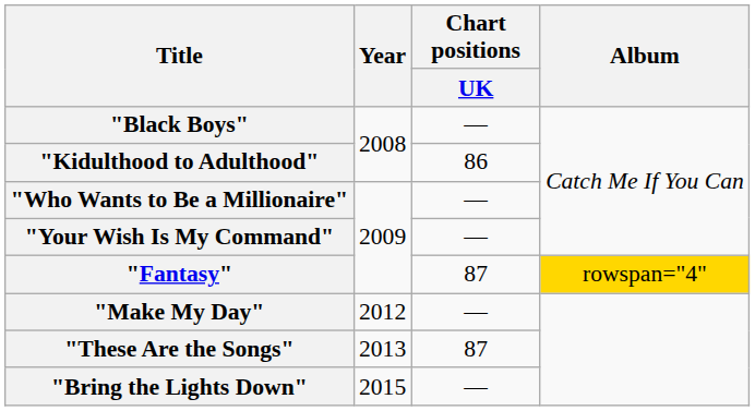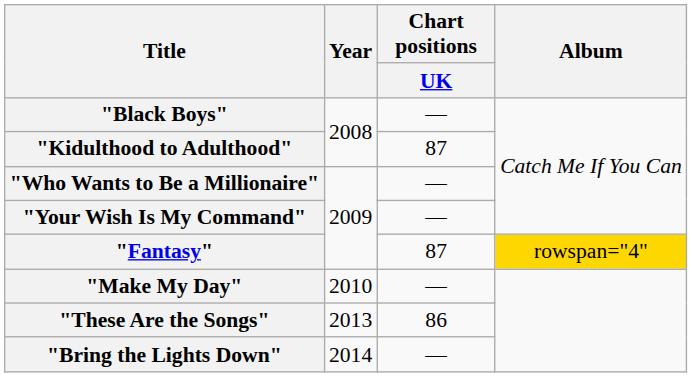 <table class="wikitable plainrowheaders" style="text-align:center">
 <tr>
 <th scope="col" rowspan="2">Title</th>
 <th scope="col" rowspan="2">Year</th>
 <th scope="col">Chart positions</th>
 <th scope="col" rowspan="2">Album</th>
 </tr>
 <tr>
 <th style="width:80px;"><a href='#'>UK</a><br></th>
 </tr>
 <tr>
 <th scope="row">"Black Boys"</th>
 <td rowspan="2">2008</td>
 <td>—</td>
 <td rowspan="4"><em>Catch Me If You Can</em></td>
 </tr>
 <tr>
 <th scope="row">"Kidulthood to Adulthood"</th>
-<td>86</td>
+<td>87</td>
 </tr>
 <tr>
 <th scope="row">"Who Wants to Be a Millionaire" </th>
 <td rowspan="3">2009</td>
 <td>—</td>
 </tr>
 <tr>
 <th scope="row">"Your Wish Is My Command" </th>
 <td>—</td>
 </tr>
 <tr>
 <th scope="row">"<a href='#'>Fantasy</a>" </th>
 <td>87</td>
 <td style="background: gold;">rowspan="4" </td>
 </tr>
 <tr>
 <th scope="row">"Make My Day" </th>
-<td>2012</td>
+<td>2010</td>
 <td>—</td>
 </tr>
 <tr>
 <th scope="row">"These Are the Songs"</th>
 <td>2013</td>
-<td>87</td>
+<td>86</td>
 </tr>
 <tr>
 <th scope="row">"Bring the Lights Down" </th>
-<td>2015</td>
+<td>2014</td>
 <td>—</td>
 </tr>
 </table>
